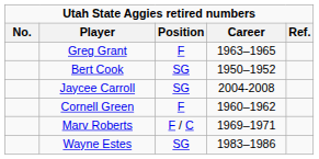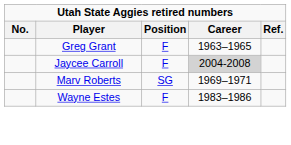 <table class="wikitable sortable" style="text-align:center">
 <tr>
 <td colspan="5"><strong>Utah State Aggies retired numbers</strong></td>
 </tr>
 <tr>
 <th width=40px>No.</th>
 <th width=150px>Player</th>
 <th width=40px>Position</th>
 <th width=100px>Career</th>
 <th width=px>Ref.</th>
 </tr>
 <tr>
 <td></td>
 <td><a href='#'>Greg Grant</a></td>
 <td><a href='#'>F</a></td>
 <td>1963–1965</td>
 <td></td>
 </tr>
 <tr>
 <td></td>
-<td><a href='#'>Bert Cook</a></td>
-<td><a href='#'>SG</a></td>
-<td>1950–1952</td>
-<td></td>
-</tr>
-<tr>
-<td></td>
 <td><a href='#'>Jaycee Carroll</a></td>
-<td><a href='#'>SG</a></td>
-<td>2004-2008</td>
-<td></td>
-</tr>
-<tr>
-<td></td>
-<td><a href='#'>Cornell Green</a></td>
 <td><a href='#'>F</a></td>
-<td>1960–1962</td>
+<td style="background: lightgrey;">2004-2008</td>
 <td></td>
 </tr>
 <tr>
 <td></td>
 <td><a href='#'>Marv Roberts</a></td>
-<td><a href='#'>F</a> / <a href='#'>C</a></td>
+<td><a href='#'>SG</a></td>
 <td>1969–1971</td>
 <td></td>
 </tr>
 <tr>
 <td></td>
 <td><a href='#'>Wayne Estes</a></td>
-<td><a href='#'>SG</a></td>
+<td><a href='#'>F</a></td>
 <td>1983–1986</td>
 </tr>
 </table>
